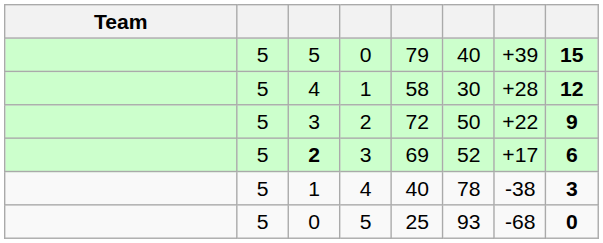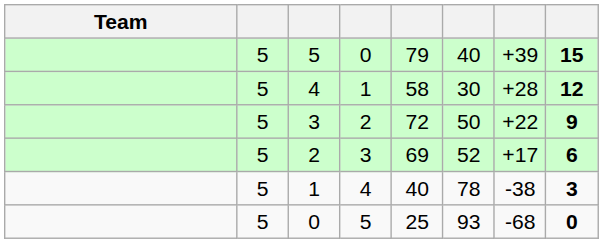 <table class="wikitable" style="text-align:center;font-size:95%">
 <tr>
 <th width=160>Team</th>
 <th width=30></th>
 <th width=30></th>
 <th width=30></th>
 <th width=30></th>
 <th width=30></th>
 <th width=30></th>
 <th width=30></th>
 </tr>
 <tr bgcolor=ccffcc>
 <td align="left"></td>
 <td>5</td>
 <td>5</td>
 <td>0</td>
 <td>79</td>
 <td>40</td>
 <td>+39</td>
 <td><strong>15</strong></td>
 </tr>
 <tr bgcolor=ccffcc>
 <td align="left"></td>
 <td>5</td>
 <td>4</td>
 <td>1</td>
 <td>58</td>
 <td>30</td>
 <td>+28</td>
 <td><strong>12</strong></td>
 </tr>
 <tr bgcolor=ccffcc>
 <td align="left"></td>
 <td>5</td>
 <td>3</td>
 <td>2</td>
 <td>72</td>
 <td>50</td>
 <td>+22</td>
 <td><strong>9</strong></td>
 </tr>
 <tr bgcolor=ccffcc>
 <td align="left"></td>
 <td>5</td>
-<td><strong>2</strong></td>
+<td>2</td>
 <td>3</td>
 <td>69</td>
 <td>52</td>
 <td>+17</td>
 <td><strong>6</strong></td>
 </tr>
 <tr>
 <td align="left"></td>
 <td>5</td>
 <td>1</td>
 <td>4</td>
 <td>40</td>
 <td>78</td>
 <td>-38</td>
 <td><strong>3</strong></td>
 </tr>
 <tr>
 <td align="left"></td>
 <td>5</td>
 <td>0</td>
 <td>5</td>
 <td>25</td>
 <td>93</td>
 <td>-68</td>
 <td><strong>0</strong></td>
 </tr>
 </table>
